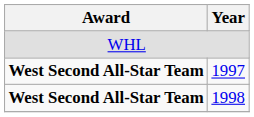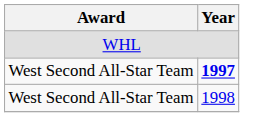 <table class="wikitable">
 <tr>
 <th>Award</th>
 <th>Year</th>
 </tr>
 <tr ALIGN="center" bgcolor="#e0e0e0">
 <td colspan="3"><a href='#'>WHL</a></td>
 </tr>
 <tr>
-<td><strong>West Second All-Star Team</strong></td>
-<td><a href='#'>1997</a></td>
+<td>West Second All-Star Team</td>
+<td><strong><a href='#'>1997</a></strong></td>
 </tr>
 <tr>
-<td><strong>West Second All-Star Team</strong></td>
+<td>West Second All-Star Team</td>
 <td><a href='#'>1998</a></td>
 </tr>
 <tr>
 </tr>
 </table>
